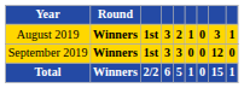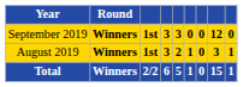 <table class="wikitable" style="text-align: center;">
 <tr>
 <th style="background:#244AA5; color:white; ">Year</th>
 <th style="background:#244AA5; color:white; ">Round</th>
 <th style="background:#244AA5; color:white; "></th>
 <th style="background:#244AA5; color:white; "></th>
 <th style="background:#244AA5; color:white; "></th>
 <th style="background:#244AA5; color:white; "></th>
 <th style="background:#244AA5; color:white; "></th>
 <th style="background:#244AA5; color:white; "></th>
 <th style="background:#244AA5; color:white; "></th>
 </tr>
 <tr bgcolor=gold>
+<td> September 2019</td>
+<td><strong>Winners</strong></td>
+<td><strong>1st</strong></td>
+<td><strong>3</strong></td>
+<td><strong>3</strong></td>
+<td><strong>0</strong></td>
+<td><strong>0</strong></td>
+<td><strong>12</strong></td>
+<td><strong>0</strong></td>
+</tr>
+<tr>
+</tr>
+<tr bgcolor=gold>
 <td> August 2019</td>
 <td><strong>Winners</strong></td>
 <td><strong>1st</strong></td>
 <td><strong>3</strong></td>
 <td><strong>2</strong></td>
 <td><strong>1</strong></td>
 <td><strong>0</strong></td>
 <td><strong>3</strong></td>
 <td><strong>1</strong></td>
-</tr>
-<tr>
-</tr>
-<tr bgcolor=gold>
-<td> September 2019</td>
-<td><strong>Winners</strong></td>
-<td><strong>1st</strong></td>
-<td><strong>3</strong></td>
-<td><strong>3</strong></td>
-<td><strong>0</strong></td>
-<td><strong>0</strong></td>
-<td><strong>12</strong></td>
-<td><strong>0</strong></td>
 </tr>
 <tr>
 <th style="background:#244AA5; color:white; ">Total</th>
 <th style="background:#244AA5; color:white; ">Winners</th>
 <th style="background:#244AA5; color:white; ">2/2</th>
 <th style="background:#244AA5; color:white; ">6</th>
 <th style="background:#244AA5; color:white; ">5</th>
 <th style="background:#244AA5; color:white; ">1</th>
 <th style="background:#244AA5; color:white; ">0</th>
 <th style="background:#244AA5; color:white; ">15</th>
 <th style="background:#244AA5; color:white; ">1</th>
 </tr>
 </table>
